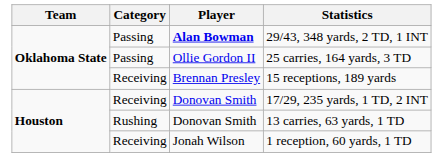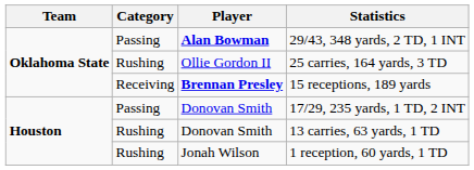 <table class="wikitable" style="float: right;">
 <tr>
 <th>Team</th>
 <th>Category</th>
 <th>Player</th>
 <th>Statistics</th>
 </tr>
 <tr>
 <td rowspan=3><strong>Oklahoma State</strong></td>
 <td>Passing</td>
 <td><strong><a href='#'>Alan Bowman</a></strong></td>
 <td>29/43, 348 yards, 2 TD, 1 INT</td>
 </tr>
 <tr>
-<td>Passing</td>
+<td>Rushing</td>
 <td><a href='#'>Ollie Gordon II</a></td>
 <td>25 carries, 164 yards, 3 TD</td>
 </tr>
 <tr>
 <td>Receiving</td>
-<td><a href='#'>Brennan Presley</a></td>
+<td><strong><a href='#'>Brennan Presley</a></strong></td>
 <td>15 receptions, 189 yards</td>
 </tr>
 <tr>
 <td rowspan=3><strong>Houston</strong></td>
-<td>Receiving</td>
+<td>Passing</td>
 <td><a href='#'>Donovan Smith</a></td>
 <td>17/29, 235 yards, 1 TD, 2 INT</td>
 </tr>
 <tr>
 <td>Rushing</td>
 <td>Donovan Smith</td>
 <td>13 carries, 63 yards, 1 TD</td>
 </tr>
 <tr>
-<td>Receiving</td>
+<td>Rushing</td>
 <td>Jonah Wilson</td>
 <td>1 reception, 60 yards, 1 TD</td>
 </tr>
 </table>
